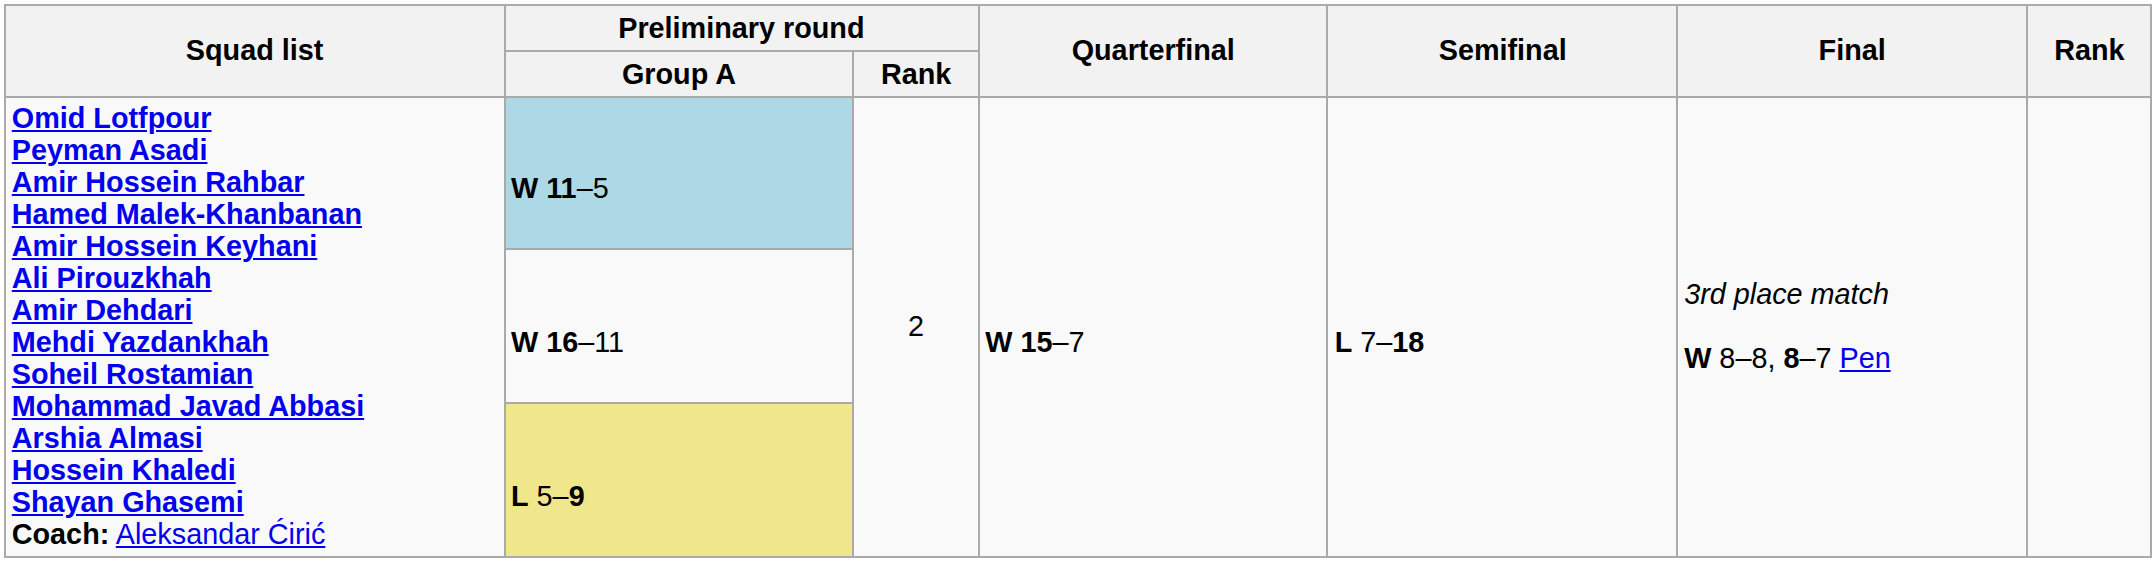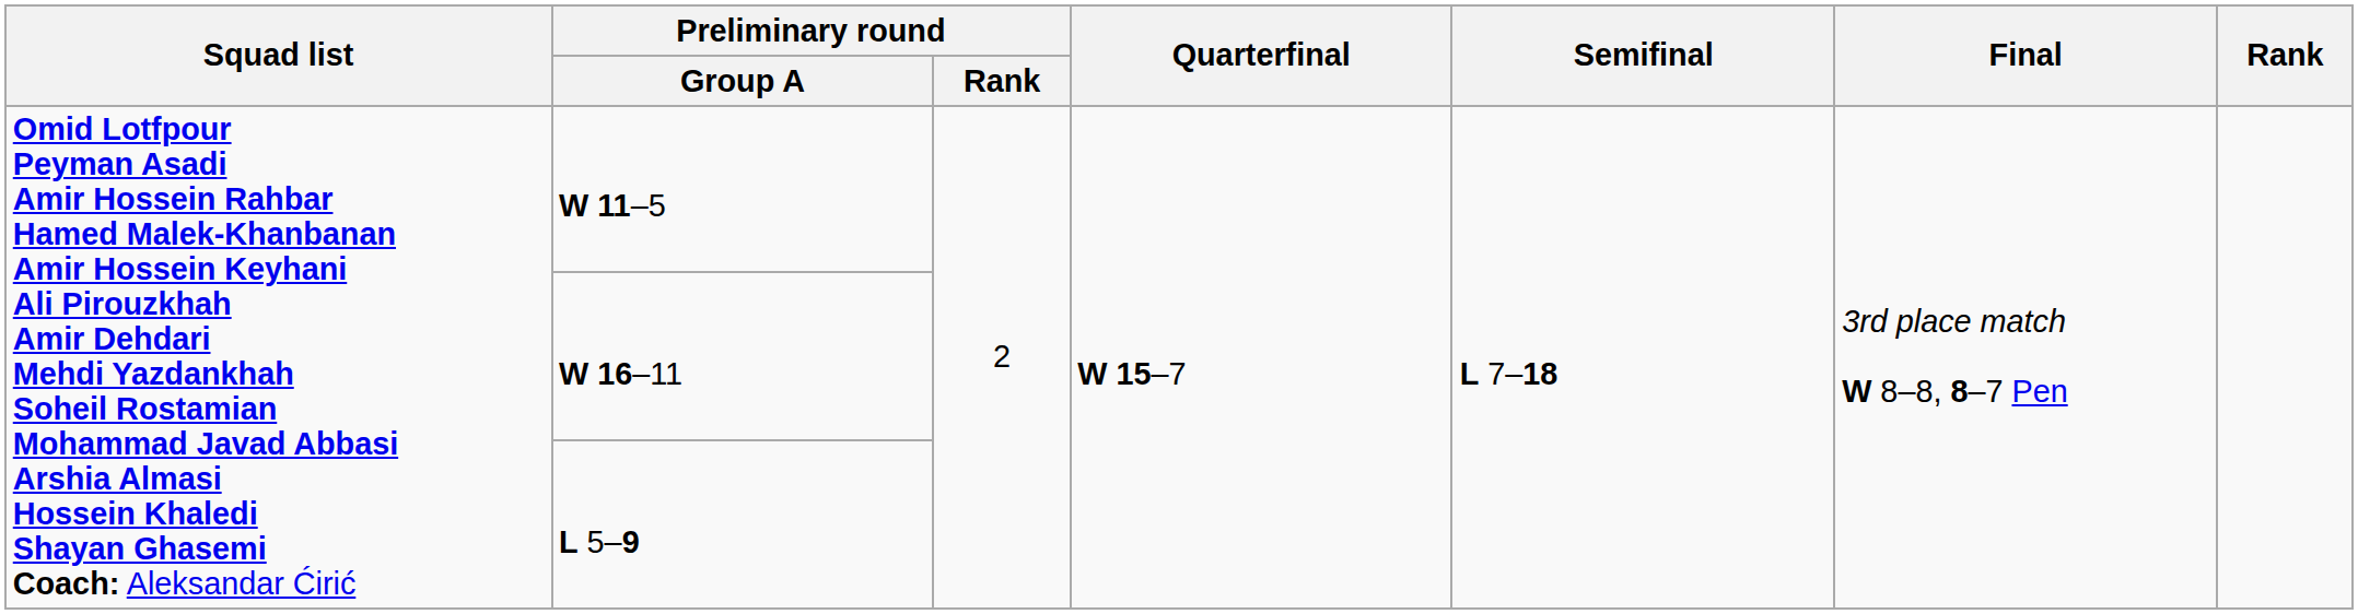 <table class="wikitable" width="85%" style="text-align:left; font-size:90%">
 <tr>
 <th rowspan="2" width="20%">Squad list</th>
 <th colspan="2">Preliminary round</th>
 <th rowspan="2" width="14%">Quarterfinal</th>
 <th rowspan="2" width="14%">Semifinal</th>
 <th rowspan="2" width="14%">Final</th>
 <th rowspan="2" width="5%">Rank</th>
 </tr>
 <tr>
 <th width="14%">Group A</th>
 <th width="5%">Rank</th>
 </tr>
 <tr>
 <td rowspan="3"><strong><a href='#'>Omid Lotfpour</a><br><a href='#'>Peyman Asadi</a><br><a href='#'>Amir Hossein Rahbar</a><br><a href='#'>Hamed Malek-Khanbanan</a><br><a href='#'>Amir Hossein Keyhani</a><br><a href='#'>Ali Pirouzkhah</a><br><a href='#'>Amir Dehdari</a><br><a href='#'>Mehdi Yazdankhah</a><br><a href='#'>Soheil Rostamian</a><br><a href='#'>Mohammad Javad Abbasi</a><br><a href='#'>Arshia Almasi</a><br><a href='#'>Hossein Khaledi</a><br><a href='#'>Shayan Ghasemi</a><br> Coach:</strong>  <a href='#'>Aleksandar Ćirić</a></td>
-<td style="background: lightblue;"><br><strong>W</strong> <strong>11</strong>–5</td>
+<td><br><strong>W</strong> <strong>11</strong>–5</td>
 <td rowspan="3" align=center>2 <strong></strong></td>
 <td rowspan="3"><br><strong>W</strong> <strong>15</strong>–7</td>
 <td rowspan="3"><br><strong>L</strong> 7–<strong>18</strong></td>
 <td rowspan="3"><em>3rd place match</em><br><br><strong>W</strong> 8–8, <strong>8</strong>–7 <a href='#'>Pen</a></td>
 <td rowspan="3" align="center"></td>
 </tr>
 <tr>
 <td><br><strong>W</strong> <strong>16</strong>–11</td>
 </tr>
 <tr>
-<td style="background: khaki;"><br><strong>L</strong> 5–<strong>9</strong></td>
+<td><br><strong>L</strong> 5–<strong>9</strong></td>
 </tr>
 </table>
